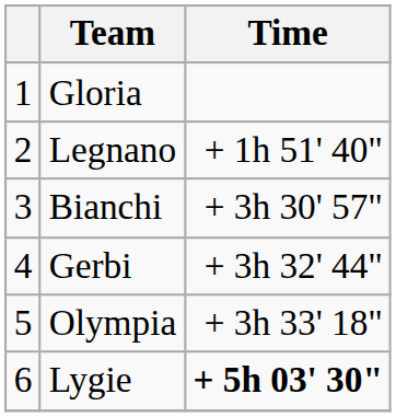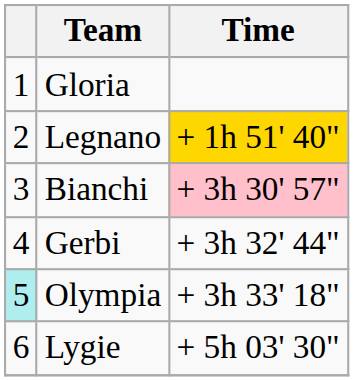 <table class="wikitable">
 <tr>
 <th></th>
 <th>Team</th>
 <th>Time</th>
 </tr>
 <tr>
 <td style="text-align:center">1</td>
 <td>Gloria</td>
 <td align="right"></td>
 </tr>
 <tr>
 <td style="text-align:center">2</td>
 <td>Legnano</td>
-<td align="right">+ 1h 51' 40"</td>
+<td align="right" style="background: gold;">+ 1h 51' 40"</td>
 </tr>
 <tr>
 <td style="text-align:center">3</td>
 <td>Bianchi</td>
-<td align="right">+ 3h 30' 57"</td>
+<td align="right" style="background: pink;">+ 3h 30' 57"</td>
 </tr>
 <tr>
 <td style="text-align:center">4</td>
 <td>Gerbi</td>
 <td align="right">+ 3h 32' 44"</td>
 </tr>
 <tr>
-<td style="text-align:center">5</td>
+<td style="background: paleturquoise; text-align:center">5</td>
 <td>Olympia</td>
 <td align="right">+ 3h 33' 18"</td>
 </tr>
 <tr>
 <td style="text-align:center">6</td>
 <td>Lygie</td>
-<td align="right"><strong>+ 5h 03' 30"</strong></td>
+<td align="right">+ 5h 03' 30"</td>
 </tr>
 <tr>
 </tr>
 </table>
